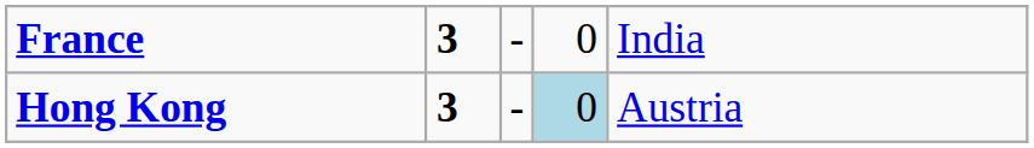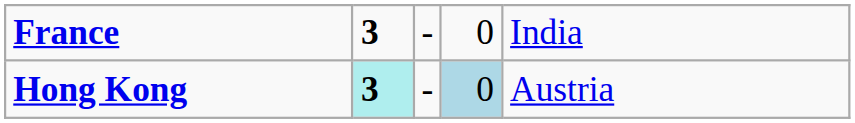 <table class="wikitable">
 <tr>
 <td width=150> <strong><a href='#'>France</a></strong></td>
 <td style="width:20px; text-align:left;"><strong>3</strong></td>
 <td>-</td>
 <td style="width:20px; text-align:right;">0</td>
 <td width=150> <a href='#'>India</a></td>
 </tr>
 <tr>
 <td> <strong><a href='#'>Hong Kong</a></strong></td>
-<td style="text-align:left;"><strong>3</strong></td>
+<td style="background: paleturquoise; text-align:left;"><strong>3</strong></td>
 <td>-</td>
 <td style="background: lightblue; text-align:right;">0</td>
 <td> <a href='#'>Austria</a></td>
 </tr>
 </table>
